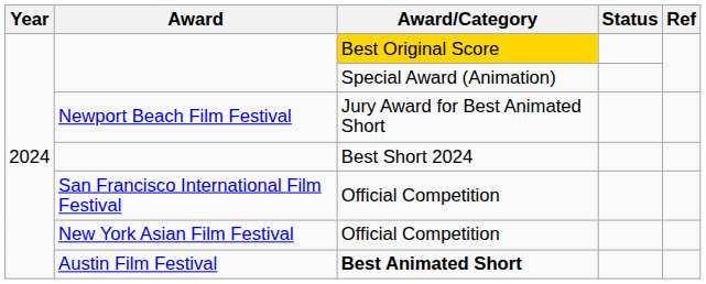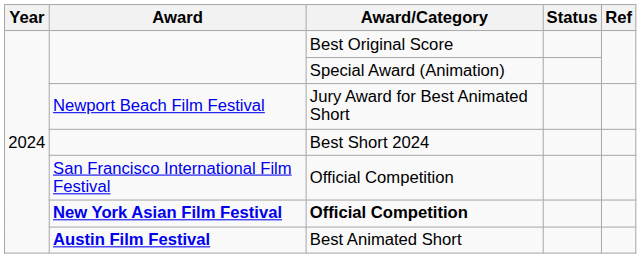 <table class="wikitable">
 <tr>
 <th>Year</th>
 <th>Award</th>
 <th>Award/Category</th>
 <th>Status</th>
 <th>Ref</th>
 </tr>
 <tr>
 <td rowspan="7">2024</td>
 <td rowspan="2"></td>
-<td style="background: gold;">Best Original Score</td>
+<td>Best Original Score</td>
 <td></td>
 <td rowspan="2"></td>
 </tr>
 <tr>
 <td>Special Award (Animation)</td>
 <td></td>
 </tr>
 <tr>
 <td><a href='#'>Newport Beach Film Festival</a></td>
 <td>Jury Award for Best Animated Short</td>
 <td></td>
 <td></td>
 </tr>
 <tr>
 <td></td>
 <td>Best Short 2024</td>
 <td></td>
 <td></td>
 </tr>
 <tr>
 <td><a href='#'>San Francisco International Film Festival</a></td>
 <td>Official Competition</td>
 <td></td>
 <td></td>
 </tr>
 <tr>
-<td><a href='#'>New York Asian Film Festival</a></td>
-<td>Official Competition</td>
+<td><strong><a href='#'>New York Asian Film Festival</a></strong></td>
+<td><strong>Official Competition</strong></td>
 <td></td>
 <td></td>
 </tr>
 <tr>
-<td><a href='#'>Austin Film Festival</a></td>
-<td><strong>Best Animated Short</strong></td>
+<td><strong><a href='#'>Austin Film Festival</a></strong></td>
+<td>Best Animated Short</td>
 <td></td>
 <td></td>
 </tr>
 </table>
